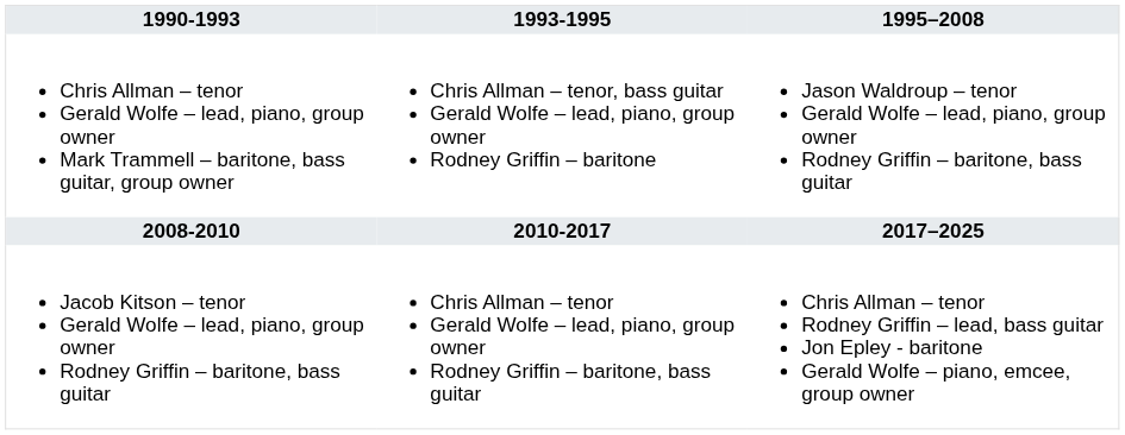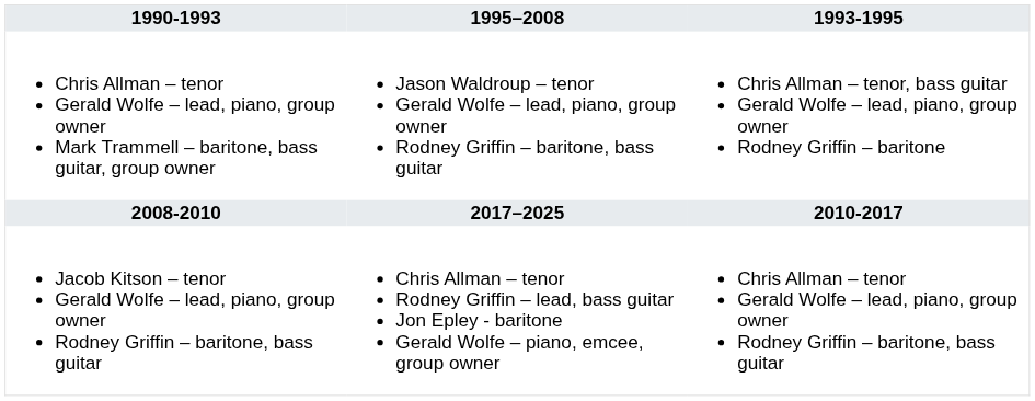 <table class="toccolours" cellspacing="0" cellpadding="2" style="float: width; margin: 0 0 1em 1em; border-collapse: collapse; border: 1px solid #E2E2E2; width:99%; border:1">
 <tr>
 <th width="25%" valign="top" bgcolor="#e7ebee">1990-1993</th>
+<th width="25%" valign="top" bgcolor="#e7ebee">1995–2008</th>
 <th width="25%" valign="top" bgcolor="#e7ebee">1993-1995</th>
-<th width="25%" valign="top" bgcolor="#e7ebee">1995–2008</th>
 </tr>
 <tr>
 <td valign="top"><br><ul><li>Chris Allman – tenor</li><li>Gerald Wolfe – lead, piano, group owner</li><li>Mark Trammell – baritone, bass guitar, group owner</li></ul></td>
+<td valign="top"><br><ul><li>Jason Waldroup – tenor</li><li>Gerald Wolfe – lead, piano, group owner</li><li>Rodney Griffin – baritone, bass guitar</li></ul></td>
 <td valign="top"><br><ul><li>Chris Allman – tenor, bass guitar</li><li>Gerald Wolfe – lead, piano, group owner</li><li>Rodney Griffin – baritone</li></ul></td>
-<td valign="top"><br><ul><li>Jason Waldroup – tenor</li><li>Gerald Wolfe – lead, piano, group owner</li><li>Rodney Griffin – baritone, bass guitar</li></ul></td>
 </tr>
 <tr>
 <th width="25%" valign="top" bgcolor="#e7ebee">2008-2010</th>
+<th width="25%" valign="top" bgcolor="#e7ebee">2017–2025</th>
 <th width="25%" valign="top" bgcolor="#e7ebee">2010-2017</th>
-<th width="25%" valign="top" bgcolor="#e7ebee">2017–2025</th>
 </tr>
 <tr>
 <td valign="top"><br><ul><li>Jacob Kitson – tenor</li><li>Gerald Wolfe – lead, piano, group owner</li><li>Rodney Griffin – baritone, bass guitar</li></ul></td>
+<td valign="top"><br><ul><li>Chris Allman – tenor</li><li>Rodney Griffin – lead, bass guitar</li><li>Jon Epley - baritone</li><li>Gerald Wolfe – piano, emcee, group owner</li></ul></td>
 <td valign="top"><br><ul><li>Chris Allman – tenor</li><li>Gerald Wolfe – lead, piano, group owner</li><li>Rodney Griffin – baritone, bass guitar</li></ul></td>
-<td valign="top"><br><ul><li>Chris Allman – tenor</li><li>Rodney Griffin – lead, bass guitar</li><li>Jon Epley - baritone</li><li>Gerald Wolfe – piano, emcee, group owner</li></ul></td>
 </tr>
 </table>
